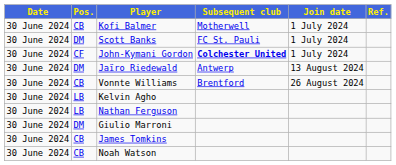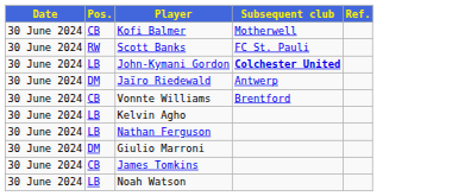 <table class="wikitable plainrowheaders sortable">
 <tr>
 <th style="background:#4267DC; color:#FFF000;">Date</th>
 <th style="background:#4267DC; color:#FFF000;">Pos.</th>
 <th style="background:#4267DC; color:#FFF000;">Player</th>
 <th style="background:#4267DC; color:#FFF000;">Subsequent club</th>
-<th style="background:#4267DC; color:#FFF000;">Join date</th>
 <th style="background:#4267DC; color:#FFF000;">Ref.</th>
 </tr>
 <tr>
 <td>30 June 2024</td>
 <td><a href='#'>CB</a></td>
 <td> <a href='#'>Kofi Balmer</a></td>
 <td> <a href='#'>Motherwell</a></td>
-<td>1 July 2024</td>
 <td></td>
 </tr>
 <tr>
 <td>30 June 2024</td>
-<td><a href='#'>DM</a></td>
+<td><a href='#'>RW</a></td>
 <td> <a href='#'>Scott Banks</a></td>
 <td> <a href='#'>FC St. Pauli</a></td>
-<td>1 July 2024</td>
 <td></td>
 </tr>
 <tr>
 <td>30 June 2024</td>
-<td><a href='#'>CF</a></td>
+<td><a href='#'>LB</a></td>
 <td> <a href='#'>John-Kymani Gordon</a></td>
 <td><strong> <a href='#'>Colchester United</a></strong></td>
-<td>1 July 2024</td>
 <td></td>
 </tr>
 <tr>
 <td>30 June 2024</td>
 <td><a href='#'>DM</a></td>
 <td> <a href='#'>Jaïro Riedewald</a></td>
 <td> <a href='#'>Antwerp</a></td>
-<td>13 August 2024</td>
 <td></td>
 </tr>
 <tr>
 <td>30 June 2024</td>
 <td><a href='#'>CB</a></td>
 <td> Vonnte Williams</td>
 <td> <a href='#'>Brentford</a></td>
-<td>26 August 2024</td>
 <td></td>
 </tr>
 <tr>
 <td>30 June 2024</td>
 <td><a href='#'>LB</a></td>
 <td> Kelvin Agho</td>
-<td></td>
 <td></td>
 <td></td>
 </tr>
 <tr>
 <td>30 June 2024</td>
 <td><a href='#'>LB</a></td>
 <td> <a href='#'>Nathan Ferguson</a></td>
 <td></td>
 <td></td>
-<td></td>
 </tr>
 <tr>
 <td>30 June 2024</td>
 <td><a href='#'>DM</a></td>
 <td> Giulio Marroni</td>
-<td></td>
 <td></td>
 <td></td>
 </tr>
 <tr>
 <td>30 June 2024</td>
 <td><a href='#'>CB</a></td>
 <td> <a href='#'>James Tomkins</a></td>
 <td></td>
 <td></td>
-<td></td>
 </tr>
 <tr>
 <td>30 June 2024</td>
-<td><a href='#'>CB</a></td>
+<td><a href='#'>LB</a></td>
 <td> Noah Watson</td>
-<td></td>
 <td></td>
 <td></td>
 </tr>
 </table>
